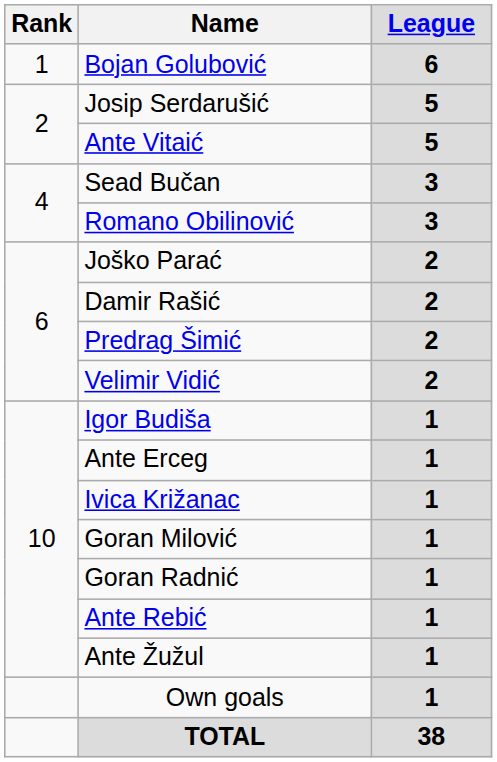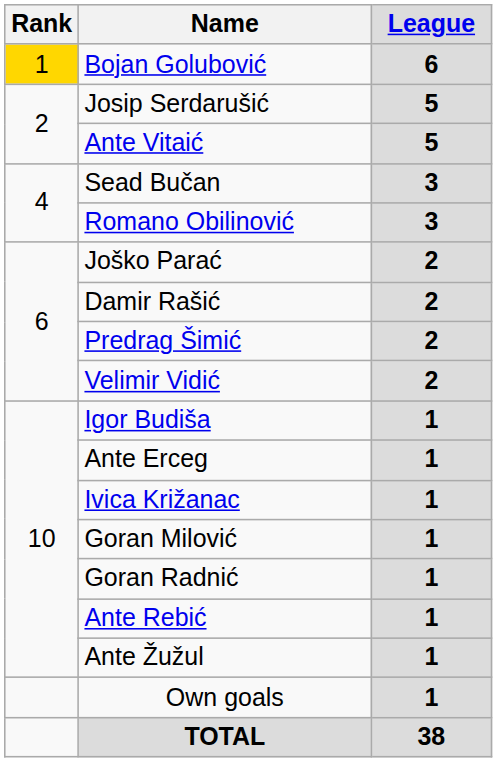 <table class="wikitable" style="text-align: center;">
 <tr>
 <th width=40>Rank</th>
 <th width=180>Name</th>
 <th width=70 style="background: #DCDCDC"><a href='#'>League</a></th>
 </tr>
 <tr>
-<td rowspan=1>1</td>
+<td rowspan=1 style="background: gold;">1</td>
 <td style="text-align:left;"> <a href='#'>Bojan Golubović</a></td>
 <th style="background: #DCDCDC">6</th>
 </tr>
 <tr>
 <td rowspan=2>2</td>
 <td style="text-align:left;"> Josip Serdarušić</td>
 <th style="background: #DCDCDC">5</th>
 </tr>
 <tr>
 <td style="text-align:left;"> <a href='#'>Ante Vitaić</a></td>
 <th style="background: #DCDCDC">5</th>
 </tr>
 <tr>
 <td rowspan=2>4</td>
 <td style="text-align:left;"> Sead Bučan</td>
 <th style="background: #DCDCDC">3</th>
 </tr>
 <tr>
 <td style="text-align:left;"> <a href='#'>Romano Obilinović</a></td>
 <th style="background: #DCDCDC">3</th>
 </tr>
 <tr>
 <td rowspan=4>6</td>
 <td style="text-align:left;"> Joško Parać</td>
 <th style="background: #DCDCDC">2</th>
 </tr>
 <tr>
 <td style="text-align:left;"> Damir Rašić</td>
 <th style="background: #DCDCDC">2</th>
 </tr>
 <tr>
 <td style="text-align:left;"> <a href='#'>Predrag Šimić</a></td>
 <th style="background: #DCDCDC">2</th>
 </tr>
 <tr>
 <td style="text-align:left;"> <a href='#'>Velimir Vidić</a></td>
 <th style="background: #DCDCDC">2</th>
 </tr>
 <tr>
 <td rowspan=7>10</td>
 <td style="text-align:left;"> <a href='#'>Igor Budiša</a></td>
 <th style="background: #DCDCDC">1</th>
 </tr>
 <tr>
 <td style="text-align:left;"> Ante Erceg</td>
 <th style="background: #DCDCDC">1</th>
 </tr>
 <tr>
 <td style="text-align:left;"> <a href='#'>Ivica Križanac</a></td>
 <th style="background: #DCDCDC">1</th>
 </tr>
 <tr>
 <td style="text-align:left;"> Goran Milović</td>
 <th style="background: #DCDCDC">1</th>
 </tr>
 <tr>
 <td style="text-align:left;"> Goran Radnić</td>
 <th style="background: #DCDCDC">1</th>
 </tr>
 <tr>
 <td style="text-align:left;"> <a href='#'>Ante Rebić</a></td>
 <th style="background: #DCDCDC">1</th>
 </tr>
 <tr>
 <td style="text-align:left;"> Ante Žužul</td>
 <th style="background: #DCDCDC">1</th>
 </tr>
 <tr>
 <td></td>
 <td style="text-align:center;">Own goals</td>
 <th style="background: #DCDCDC">1</th>
 </tr>
 <tr>
 <td></td>
 <th style="background: #DCDCDC">TOTAL</th>
 <th style="background: #DCDCDC">38</th>
 </tr>
 </table>
